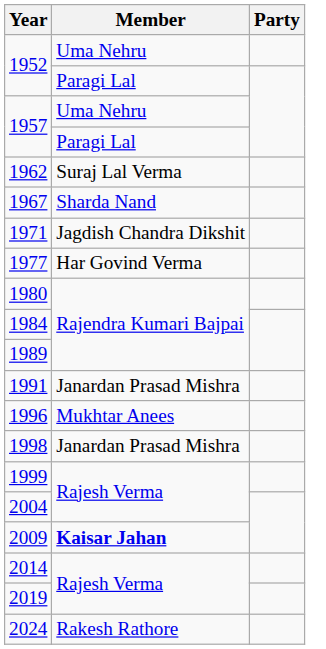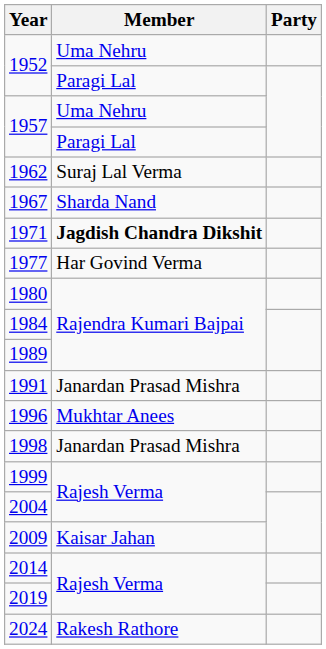 <table class="wikitable sortable">
 <tr>
 <th>Year</th>
 <th>Member</th>
 <th colspan="2">Party</th>
 </tr>
 <tr>
 <td rowspan="2"><a href='#'>1952</a></td>
 <td><a href='#'>Uma Nehru</a></td>
 <td></td>
 </tr>
 <tr>
 <td><a href='#'>Paragi Lal</a></td>
 </tr>
 <tr>
 <td rowspan="2"><a href='#'>1957</a></td>
 <td><a href='#'>Uma Nehru</a></td>
 </tr>
 <tr>
 <td><a href='#'>Paragi Lal</a></td>
 </tr>
 <tr>
 <td><a href='#'>1962</a></td>
 <td>Suraj Lal Verma</td>
 <td></td>
 </tr>
 <tr>
 <td><a href='#'>1967</a></td>
 <td><a href='#'>Sharda Nand</a></td>
 </tr>
 <tr>
 <td><a href='#'>1971</a></td>
-<td>Jagdish Chandra Dikshit</td>
+<td><strong>Jagdish Chandra Dikshit</strong></td>
 <td></td>
 </tr>
 <tr>
 <td><a href='#'>1977</a></td>
 <td>Har Govind Verma</td>
 <td></td>
 </tr>
 <tr>
 <td><a href='#'>1980</a></td>
 <td rowspan="3"><a href='#'>Rajendra Kumari Bajpai</a></td>
 <td></td>
 </tr>
 <tr>
 <td><a href='#'>1984</a></td>
 </tr>
 <tr>
 <td><a href='#'>1989</a></td>
 </tr>
 <tr>
 <td><a href='#'>1991</a></td>
 <td>Janardan Prasad Mishra</td>
 <td></td>
 </tr>
 <tr>
 <td><a href='#'>1996</a></td>
 <td><a href='#'>Mukhtar Anees</a></td>
 <td></td>
 </tr>
 <tr>
 <td><a href='#'>1998</a></td>
 <td>Janardan Prasad Mishra</td>
 <td></td>
 </tr>
 <tr>
 <td><a href='#'>1999</a></td>
 <td rowspan="2"><a href='#'>Rajesh Verma</a></td>
 <td></td>
 </tr>
 <tr>
 <td><a href='#'>2004</a></td>
 </tr>
 <tr>
 <td><a href='#'>2009</a></td>
-<td><strong><a href='#'>Kaisar Jahan</a></strong></td>
+<td><a href='#'>Kaisar Jahan</a></td>
 </tr>
 <tr>
 <td><a href='#'>2014</a></td>
 <td rowspan="2"><a href='#'>Rajesh Verma</a></td>
 <td></td>
 </tr>
 <tr>
 <td><a href='#'>2019</a></td>
 </tr>
 <tr>
 <td><a href='#'>2024</a></td>
 <td><a href='#'>Rakesh Rathore</a></td>
 <td></td>
 </tr>
 </table>
